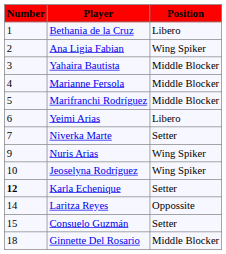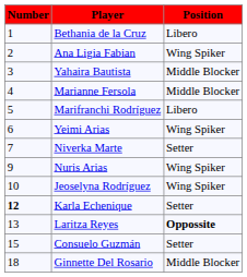 <table bgcolor="#f7f8ff" cellpadding="3" cellspacing="0" border="1" style="font-size: 95%; border: gray solid 1px; border-collapse: collapse">
 <tr bgcolor="#ff0000">
 <td align=center><strong>Number</strong></td>
 <td align=center><strong>Player</strong></td>
 <td align=center><strong>Position</strong></td>
 </tr>
 <tr align="left">
 <td>1</td>
 <td> <a href='#'>Bethania de la Cruz</a></td>
 <td>Libero</td>
 </tr>
 <tr align=left>
 <td>2</td>
 <td> <a href='#'>Ana Ligia Fabian</a></td>
 <td>Wing Spiker</td>
 </tr>
 <tr align="left">
 <td>3</td>
 <td> <a href='#'>Yahaira Bautista</a></td>
 <td>Middle Blocker</td>
 </tr>
 <tr align="left">
 <td>4</td>
 <td> <a href='#'>Marianne Fersola</a></td>
 <td>Middle Blocker</td>
 </tr>
 <tr align="left">
 <td>5</td>
 <td> <a href='#'>Marifranchi Rodríguez</a></td>
-<td>Middle Blocker</td>
+<td>Libero</td>
 </tr>
 <tr align="left">
 <td>6</td>
 <td> <a href='#'>Yeimi Arias</a></td>
-<td>Libero</td>
+<td>Wing Spiker</td>
 </tr>
 <tr align="left">
 <td>7</td>
 <td> <a href='#'>Niverka Marte</a></td>
 <td>Setter</td>
 </tr>
 <tr align="left">
 <td>9</td>
 <td> <a href='#'>Nuris Arias</a></td>
 <td>Wing Spiker</td>
 </tr>
 <tr align="left">
 <td>10</td>
 <td> <a href='#'>Jeoselyna Rodríguez</a></td>
 <td>Wing Spiker</td>
 </tr>
 <tr align="left">
 <td><strong>12</strong></td>
 <td> <a href='#'>Karla Echenique</a></td>
 <td>Setter</td>
 </tr>
 <tr align="left">
-<td>14</td>
+<td>13</td>
 <td> <a href='#'>Laritza Reyes</a></td>
-<td>Oppossite</td>
+<td><strong>Oppossite</strong></td>
 </tr>
 <tr align="left">
 <td>15</td>
 <td> <a href='#'>Consuelo Guzmán</a></td>
 <td>Setter</td>
 </tr>
 <tr align="left">
 <td>18</td>
 <td> <a href='#'>Ginnette Del Rosario</a></td>
 <td>Middle Blocker</td>
 </tr>
 </table>
